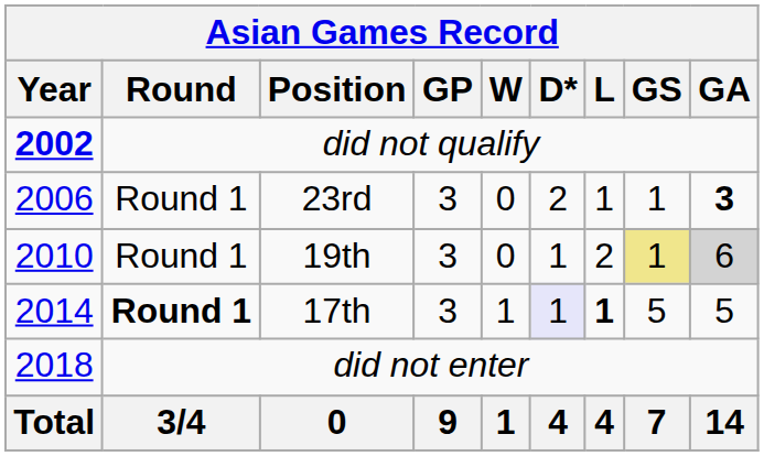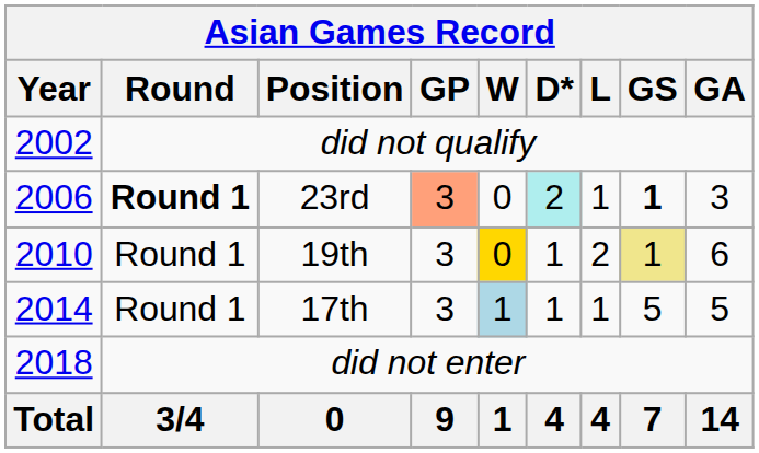 <table class="wikitable" style="text-align:center;">
 <tr>
 <th colspan=9><a href='#'>Asian Games Record</a></th>
 </tr>
 <tr>
 <th>Year</th>
 <th>Round</th>
 <th>Position</th>
 <th>GP</th>
 <th>W</th>
 <th>D*</th>
 <th>L</th>
 <th>GS</th>
 <th>GA</th>
 </tr>
 <tr>
-<td><strong> <a href='#'>2002</a></strong></td>
+<td> <a href='#'>2002</a></td>
 <td colspan=8><em>did not qualify</em></td>
 </tr>
 <tr>
 <td> <a href='#'>2006</a></td>
-<td>Round 1</td>
+<td><strong>Round 1</strong></td>
 <td>23rd</td>
+<td style="background: lightsalmon;">3</td>
+<td>0</td>
+<td style="background: paleturquoise;">2</td>
+<td>1</td>
+<td><strong>1</strong></td>
 <td>3</td>
-<td>0</td>
-<td>2</td>
-<td>1</td>
-<td>1</td>
-<td><strong>3</strong></td>
 </tr>
 <tr>
 <td> <a href='#'>2010</a></td>
 <td>Round 1</td>
 <td>19th</td>
 <td>3</td>
-<td>0</td>
+<td style="background: gold;">0</td>
 <td>1</td>
 <td>2</td>
 <td style="background: khaki;">1</td>
-<td style="background: lightgrey;">6</td>
+<td>6</td>
 </tr>
 <tr>
 <td> <a href='#'>2014</a></td>
-<td><strong>Round 1</strong></td>
+<td>Round 1</td>
 <td>17th</td>
 <td>3</td>
+<td style="background: lightblue;">1</td>
 <td>1</td>
-<td style="background: lavender;">1</td>
-<td><strong>1</strong></td>
+<td>1</td>
 <td>5</td>
 <td>5</td>
 </tr>
 <tr>
 <td> <a href='#'>2018</a></td>
 <td colspan=8><em>did not enter</em></td>
 </tr>
 <tr>
 <th>Total</th>
 <th>3/4</th>
 <th>0</th>
 <th>9</th>
 <th>1</th>
 <th>4</th>
 <th>4</th>
 <th>7</th>
 <th>14</th>
 </tr>
 </table>
